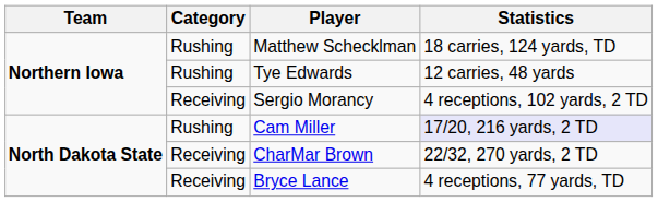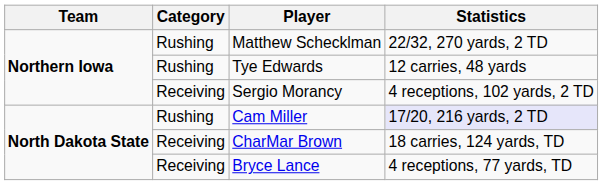 <table class="wikitable" style="float: right;">
 <tr>
 <th>Team</th>
 <th>Category</th>
 <th>Player</th>
 <th>Statistics</th>
 </tr>
 <tr>
 <td rowspan=3><strong>Northern Iowa</strong></td>
 <td>Rushing</td>
 <td>Matthew Schecklman</td>
-<td>18 carries, 124 yards, TD</td>
+<td>22/32, 270 yards, 2 TD</td>
 </tr>
 <tr>
 <td>Rushing</td>
 <td>Tye Edwards</td>
 <td>12 carries, 48 yards</td>
 </tr>
 <tr>
 <td>Receiving</td>
 <td>Sergio Morancy</td>
 <td>4 receptions, 102 yards, 2 TD</td>
 </tr>
 <tr>
 <td rowspan=3><strong>North Dakota State</strong></td>
 <td>Rushing</td>
 <td><a href='#'>Cam Miller</a></td>
 <td style="background: lavender;">17/20, 216 yards, 2 TD</td>
 </tr>
 <tr>
 <td>Receiving</td>
 <td><a href='#'>CharMar Brown</a></td>
-<td>22/32, 270 yards, 2 TD</td>
+<td>18 carries, 124 yards, TD</td>
 </tr>
 <tr>
 <td>Receiving</td>
 <td><a href='#'>Bryce Lance</a></td>
 <td>4 receptions, 77 yards, TD</td>
 </tr>
 </table>
